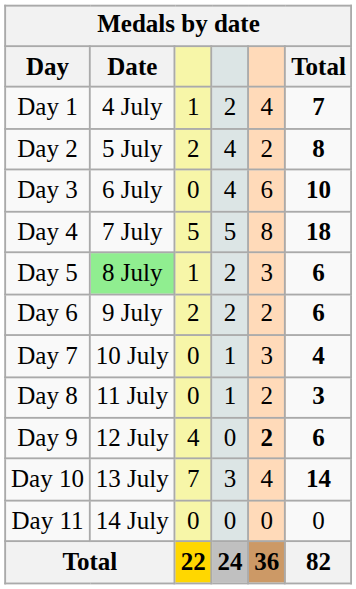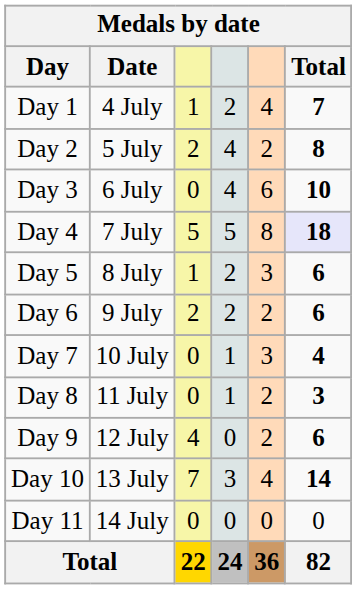 <table class=wikitable style="text-align:center;font-size:85%;float:right;clear:right;">
 <tr bgcolor=efefef>
 <th colspan=6>Medals by date</th>
 </tr>
 <tr>
 <th>Day</th>
 <th>Date</th>
 <td bgcolor=#f7f6a8></td>
 <td bgcolor=#dce5e5></td>
 <td bgcolor=#ffdab9></td>
 <th>Total</th>
 </tr>
 <tr>
 <td>Day 1</td>
 <td>4 July</td>
 <td bgcolor=F7F6A8>1</td>
 <td bgcolor=DCE5E5>2</td>
 <td bgcolor=FFDAB9>4</td>
 <td><strong>7</strong></td>
 </tr>
 <tr>
 <td>Day 2</td>
 <td>5 July</td>
 <td bgcolor=F7F6A8>2</td>
 <td bgcolor=DCE5E5>4</td>
 <td bgcolor=FFDAB9>2</td>
 <td><strong>8</strong></td>
 </tr>
 <tr>
 <td>Day 3</td>
 <td>6 July</td>
 <td bgcolor=F7F6A8>0</td>
 <td bgcolor=DCE5E5>4</td>
 <td bgcolor=FFDAB9>6</td>
 <td><strong>10</strong></td>
 </tr>
 <tr>
 <td>Day 4</td>
 <td>7 July</td>
 <td bgcolor=F7F6A8>5</td>
 <td bgcolor=DCE5E5>5</td>
 <td bgcolor=FFDAB9>8</td>
-<td><strong>18</strong></td>
+<td style="background: lavender;"><strong>18</strong></td>
 </tr>
 <tr>
 <td>Day 5</td>
-<td style="background: lightgreen;">8 July</td>
+<td>8 July</td>
 <td bgcolor=F7F6A8>1</td>
 <td bgcolor=DCE5E5>2</td>
 <td bgcolor=FFDAB9>3</td>
 <td><strong>6</strong></td>
 </tr>
 <tr>
 <td>Day 6</td>
 <td>9 July</td>
 <td bgcolor=F7F6A8>2</td>
 <td bgcolor=DCE5E5>2</td>
 <td bgcolor=FFDAB9>2</td>
 <td><strong>6</strong></td>
 </tr>
 <tr>
 <td>Day 7</td>
 <td>10 July</td>
 <td bgcolor=F7F6A8>0</td>
 <td bgcolor=DCE5E5>1</td>
 <td bgcolor=FFDAB9>3</td>
 <td><strong>4</strong></td>
 </tr>
 <tr>
 <td>Day 8</td>
 <td>11 July</td>
 <td bgcolor=F7F6A8>0</td>
 <td bgcolor=DCE5E5>1</td>
 <td bgcolor=FFDAB9>2</td>
 <td><strong>3</strong></td>
 </tr>
 <tr>
 <td>Day 9</td>
 <td>12 July</td>
 <td bgcolor=F7F6A8>4</td>
 <td bgcolor=DCE5E5>0</td>
-<td bgcolor=FFDAB9><strong>2</strong></td>
+<td bgcolor=FFDAB9>2</td>
 <td><strong>6</strong></td>
 </tr>
 <tr>
 <td>Day 10</td>
 <td>13 July</td>
 <td bgcolor=F7F6A8>7</td>
 <td bgcolor=DCE5E5>3</td>
 <td bgcolor=FFDAB9>4</td>
 <td><strong>14</strong></td>
 </tr>
 <tr>
 <td>Day 11</td>
 <td>14 July</td>
 <td bgcolor=F7F6A8>0</td>
 <td bgcolor=DCE5E5>0</td>
 <td bgcolor=FFDAB9>0</td>
 <td>0</td>
 </tr>
 <tr>
 <th colspan=2>Total</th>
 <th style="background:gold">22</th>
 <th style="background:silver">24</th>
 <th style="background:#c96">36</th>
 <th>82</th>
 </tr>
 </table>
